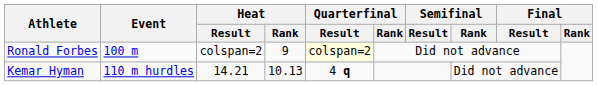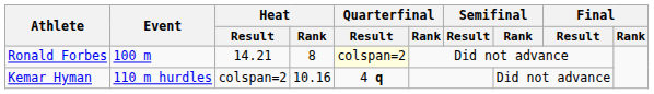 <table class="wikitable" style="font-size:90%">
 <tr>
 <th rowspan="2">Athlete</th>
 <th rowspan="2">Event</th>
 <th colspan="2">Heat</th>
 <th colspan="2">Quarterfinal</th>
 <th colspan="2">Semifinal</th>
 <th colspan="2">Final</th>
 </tr>
 <tr style="font-size:95%">
 <th>Result</th>
 <th>Rank</th>
 <th>Result</th>
 <th>Rank</th>
 <th>Result</th>
 <th>Rank</th>
 <th>Result</th>
 <th>Rank</th>
 </tr>
 <tr align=center>
 <td align=left><a href='#'>Ronald Forbes</a></td>
 <td align=left><a href='#'>100 m</a></td>
-<td>colspan=2 </td>
-<td>9</td>
+<td>14.21</td>
+<td>8</td>
 <td style="background: lightyellow;">colspan=2 </td>
 <td colspan=4>Did not advance</td>
 </tr>
 <tr align=center>
 <td align=left><a href='#'>Kemar Hyman</a></td>
 <td align=left><a href='#'>110 m hurdles</a></td>
-<td>14.21</td>
-<td>10.13</td>
+<td>colspan=2 </td>
+<td>10.16</td>
 <td>4 <strong>q</strong></td>
 <td colspan="2"></td>
 <td colspan="2">Did not advance</td>
 </tr>
 </table>
